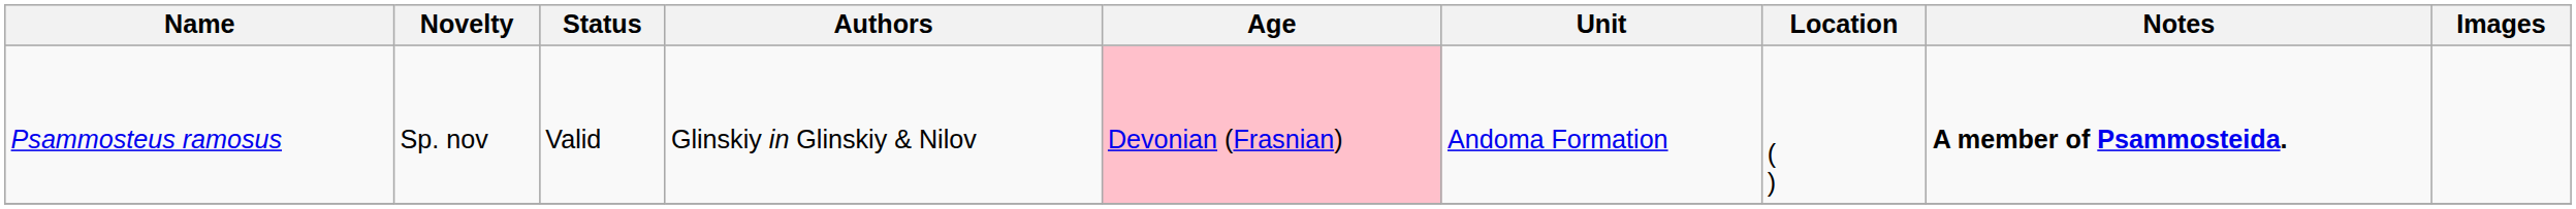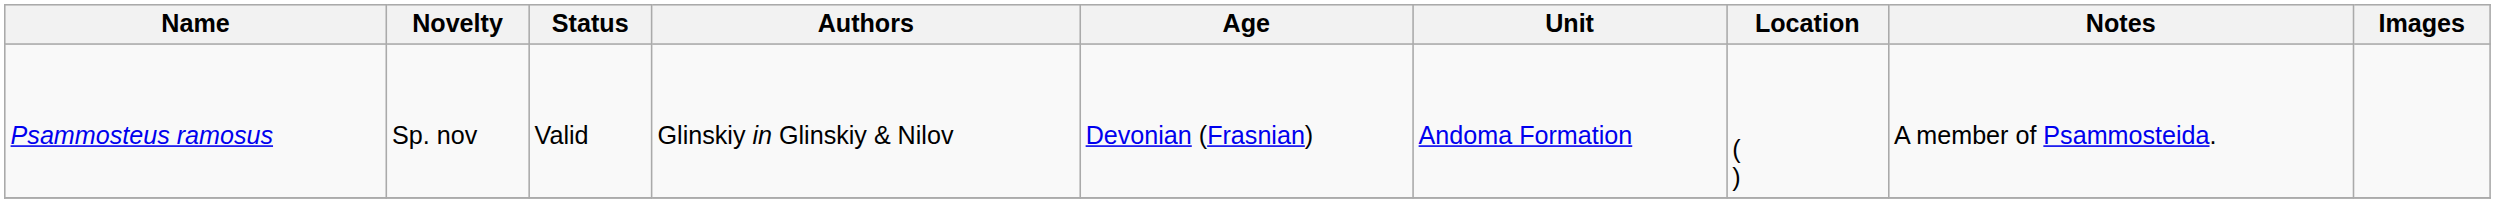 <table class="wikitable sortable" align="center" width="100%">
 <tr>
 <th>Name</th>
 <th>Novelty</th>
 <th>Status</th>
 <th>Authors</th>
 <th>Age</th>
 <th>Unit</th>
 <th>Location</th>
 <th>Notes</th>
 <th>Images</th>
 </tr>
 <tr>
 <td><br><em><a href='#'>Psammosteus ramosus</a></em></td>
 <td><br>Sp. nov</td>
 <td><br>Valid</td>
 <td><br>Glinskiy <em>in</em> Glinskiy & Nilov</td>
-<td style="background: pink;"><br><a href='#'>Devonian</a> (<a href='#'>Frasnian</a>)</td>
+<td><br><a href='#'>Devonian</a> (<a href='#'>Frasnian</a>)</td>
 <td><br><a href='#'>Andoma Formation</a></td>
 <td><br><br> <br> (<br> )</td>
-<td><strong><br>A member of <a href='#'>Psammosteida</a>.</strong></td>
+<td><br>A member of <a href='#'>Psammosteida</a>.</td>
 <td></td>
 </tr>
 <tr>
 </tr>
 </table>
